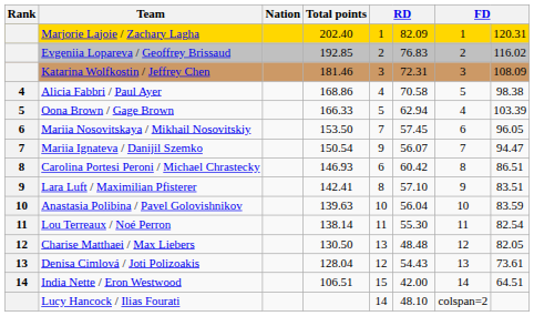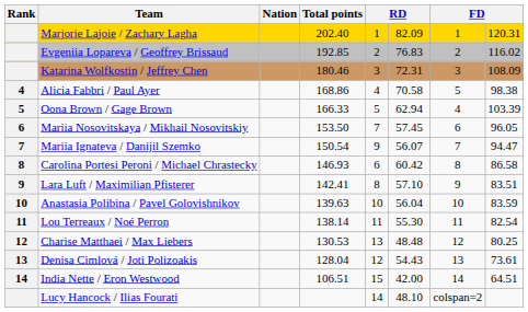 <table class="wikitable sortable" style="text-align:left">
 <tr>
 <th scope="col">Rank</th>
 <th scope="col">Team</th>
 <th scope="col">Nation</th>
 <th scope="col">Total points</th>
 <th scope="col" colspan="2" width="80px"><a href='#'>RD</a></th>
 <th scope="col" colspan="2" width="80px"><a href='#'>FD</a></th>
 </tr>
 <tr bgcolor="gold">
 <th scope="row"></th>
 <td><a href='#'>Marjorie Lajoie</a> / <a href='#'>Zachary Lagha</a></td>
 <td></td>
 <td align="center">202.40</td>
 <td align="center">1</td>
 <td align="center">82.09</td>
 <td align="center">1</td>
 <td align="center">120.31</td>
 </tr>
 <tr bgcolor="silver">
 <th scope="row"></th>
 <td><a href='#'>Evgeniia Lopareva</a> / <a href='#'>Geoffrey Brissaud</a></td>
 <td></td>
 <td align="center">192.85</td>
 <td align="center">2</td>
 <td align="center">76.83</td>
 <td align="center">2</td>
 <td align="center">116.02</td>
 </tr>
 <tr bgcolor="cc9966">
 <th scope="row"></th>
 <td><a href='#'>Katarina Wolfkostin</a> / <a href='#'>Jeffrey Chen</a></td>
 <td></td>
-<td align="center">181.46</td>
+<td align="center">180.46</td>
 <td align="center">3</td>
 <td align="center">72.31</td>
 <td align="center">3</td>
 <td align="center">108.09</td>
 </tr>
 <tr>
 <th scope="row">4</th>
 <td><a href='#'>Alicia Fabbri</a> / <a href='#'>Paul Ayer</a></td>
 <td></td>
 <td align="center">168.86</td>
 <td align="center">4</td>
 <td align="center">70.58</td>
 <td align="center">5</td>
 <td align="center">98.38</td>
 </tr>
 <tr>
 <th scope="row">5</th>
 <td><a href='#'>Oona Brown</a> / <a href='#'>Gage Brown</a></td>
 <td></td>
 <td align="center">166.33</td>
 <td align="center">5</td>
 <td align="center">62.94</td>
 <td align="center">4</td>
 <td align="center">103.39</td>
 </tr>
 <tr>
 <th scope="row">6</th>
 <td><a href='#'>Mariia Nosovitskaya</a> / <a href='#'>Mikhail Nosovitskiy</a></td>
 <td></td>
 <td align="center">153.50</td>
 <td align="center">7</td>
 <td align="center">57.45</td>
 <td align="center">6</td>
 <td align="center">96.05</td>
 </tr>
 <tr>
 <th scope="row">7</th>
 <td><a href='#'>Mariia Ignateva</a> / <a href='#'>Danijil Szemko</a></td>
 <td></td>
 <td align="center">150.54</td>
 <td align="center">9</td>
 <td align="center">56.07</td>
 <td align="center">7</td>
 <td align="center">94.47</td>
 </tr>
 <tr>
 <th scope="row">8</th>
 <td><a href='#'>Carolina Portesi Peroni</a> / <a href='#'>Michael Chrastecky</a></td>
 <td></td>
 <td align="center">146.93</td>
 <td align="center">6</td>
 <td align="center">60.42</td>
 <td align="center">8</td>
-<td align="center">86.51</td>
+<td align="center">86.58</td>
 </tr>
 <tr>
 <th scope="row">9</th>
 <td><a href='#'>Lara Luft</a> / <a href='#'>Maximilian Pfisterer</a></td>
 <td></td>
 <td align="center">142.41</td>
 <td align="center">8</td>
 <td align="center">57.10</td>
 <td align="center">9</td>
 <td align="center">83.51</td>
 </tr>
 <tr>
 <th scope="row">10</th>
 <td><a href='#'>Anastasia Polibina</a> / <a href='#'>Pavel Golovishnikov</a></td>
 <td></td>
 <td align="center">139.63</td>
 <td align="center">10</td>
 <td align="center">56.04</td>
 <td align="center">10</td>
 <td align="center">83.59</td>
 </tr>
 <tr>
 <th scope="row">11</th>
 <td><a href='#'>Lou Terreaux</a> / <a href='#'>Noé Perron</a></td>
 <td></td>
 <td align="center">138.14</td>
 <td align="center">11</td>
 <td align="center">55.30</td>
 <td align="center">11</td>
 <td align="center">82.54</td>
 </tr>
 <tr>
 <th scope="row">12</th>
 <td><a href='#'>Charise Matthaei</a> / <a href='#'>Max Liebers</a></td>
 <td></td>
-<td align="center">130.50</td>
+<td align="center">130.53</td>
 <td align="center">13</td>
 <td align="center">48.48</td>
 <td align="center">12</td>
-<td align="center">82.05</td>
+<td align="center">80.25</td>
 </tr>
 <tr>
 <th scope="row">13</th>
 <td><a href='#'>Denisa Cimlová</a> / <a href='#'>Joti Polizoakis</a></td>
 <td></td>
 <td align="center">128.04</td>
 <td align="center">12</td>
 <td align="center">54.43</td>
 <td align="center">13</td>
 <td align="center">73.61</td>
 </tr>
 <tr>
 <th scope="row">14</th>
 <td><a href='#'>India Nette</a> / <a href='#'>Eron Westwood</a></td>
 <td></td>
 <td align="center">106.51</td>
 <td align="center">15</td>
 <td align="center">42.00</td>
 <td align="center">14</td>
 <td align="center">64.51</td>
 </tr>
 <tr>
 <th scope="row"></th>
 <td><a href='#'>Lucy Hancock</a> / <a href='#'>Ilias Fourati</a></td>
 <td></td>
 <td></td>
 <td align="center">14</td>
 <td align="center">48.10</td>
 <td>colspan=2 </td>
 </tr>
 </table>
